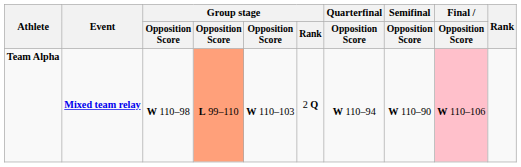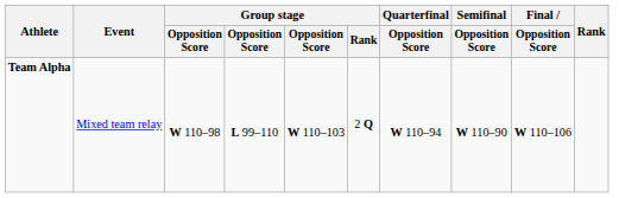 <table class="wikitable" style="font-size:90%">
 <tr>
 <th rowspan=2>Athlete</th>
 <th rowspan=2>Event</th>
 <th colspan=4>Group stage</th>
 <th>Quarterfinal</th>
 <th>Semifinal</th>
 <th>Final / </th>
 <th rowspan=2>Rank</th>
 </tr>
 <tr style="font-size:95%">
 <th>Opposition<br>Score</th>
 <th>Opposition<br>Score</th>
 <th>Opposition<br>Score</th>
 <th>Rank</th>
 <th>Opposition<br>Score</th>
 <th>Opposition<br>Score</th>
 <th>Opposition<br>Score</th>
 </tr>
 <tr align=center>
 <td align=left><strong>Team Alpha</strong><br><strong></strong><br><br><br><br><br><br><br><br></td>
-<td align=left><strong><a href='#'>Mixed team relay</a></strong></td>
+<td align=left><a href='#'>Mixed team relay</a></td>
 <td><br><strong>W</strong> 110–98</td>
-<td style="background: lightsalmon;"><br><strong>L</strong> 99–110</td>
+<td><br><strong>L</strong> 99–110</td>
 <td><br><strong>W</strong> 110–103</td>
 <td>2 <strong>Q</strong></td>
 <td><br><strong>W</strong> 110–94</td>
 <td><br><strong>W</strong> 110–90</td>
-<td style="background: pink;"><br><strong>W</strong> 110–106</td>
+<td><br><strong>W</strong> 110–106</td>
 <td></td>
 </tr>
 </table>
